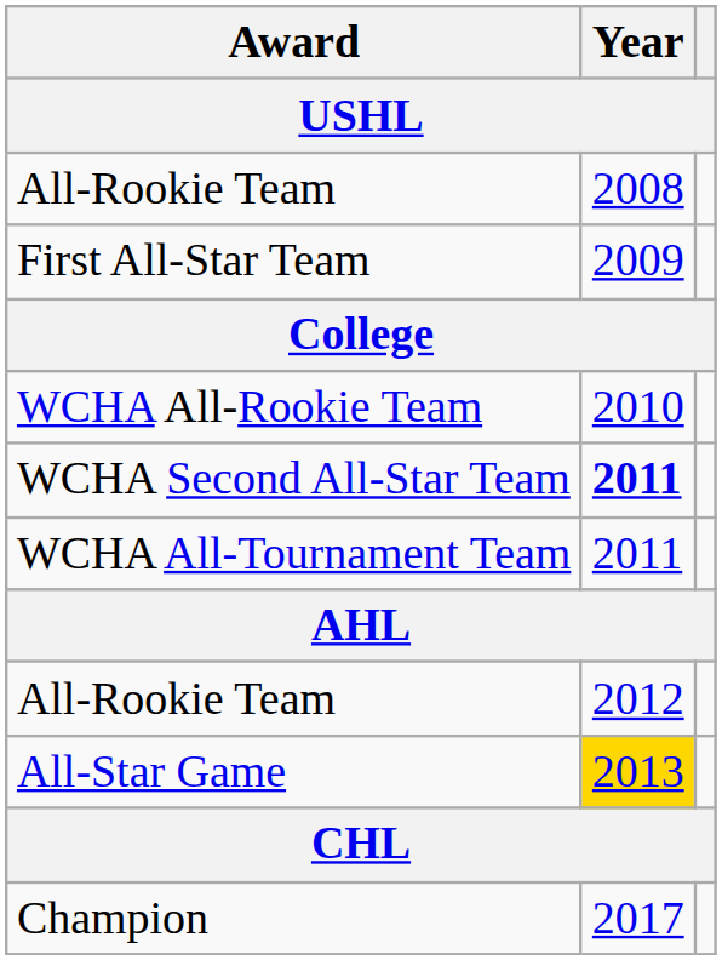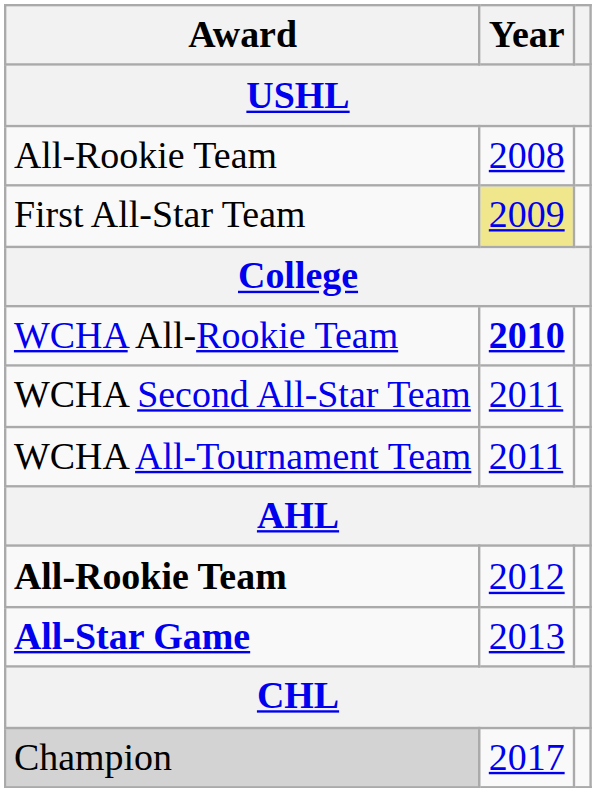 <table class="wikitable">
 <tr>
 <th>Award</th>
 <th>Year</th>
 <th></th>
 </tr>
 <tr>
 <th colspan="3"><a href='#'>USHL</a></th>
 </tr>
 <tr>
 <td>All-Rookie Team</td>
 <td><a href='#'>2008</a></td>
 <td></td>
 </tr>
 <tr>
 <td>First All-Star Team</td>
-<td><a href='#'>2009</a></td>
+<td style="background: khaki;"><a href='#'>2009</a></td>
 <td></td>
 </tr>
 <tr>
 <th colspan="3"><a href='#'>College</a></th>
 </tr>
 <tr>
 <td><a href='#'>WCHA</a> All-<a href='#'>Rookie Team</a></td>
-<td><a href='#'>2010</a></td>
+<td><strong><a href='#'>2010</a></strong></td>
 <td></td>
 </tr>
 <tr>
 <td>WCHA <a href='#'>Second All-Star Team</a></td>
-<td><strong><a href='#'>2011</a></strong></td>
+<td><a href='#'>2011</a></td>
 <td></td>
 </tr>
 <tr>
 <td>WCHA <a href='#'>All-Tournament Team</a></td>
 <td><a href='#'>2011</a></td>
 <td></td>
 </tr>
 <tr>
 <th colspan="3"><a href='#'>AHL</a></th>
 </tr>
 <tr>
-<td>All-Rookie Team</td>
+<td><strong>All-Rookie Team</strong></td>
 <td><a href='#'>2012</a></td>
 <td></td>
 </tr>
 <tr>
-<td><a href='#'>All-Star Game</a></td>
-<td style="background: gold;"><a href='#'>2013</a></td>
+<td><strong><a href='#'>All-Star Game</a></strong></td>
+<td><a href='#'>2013</a></td>
 <td></td>
 </tr>
 <tr>
 <th colspan="3"><a href='#'>CHL</a></th>
 </tr>
 <tr>
-<td>Champion</td>
+<td style="background: lightgrey;">Champion</td>
 <td><a href='#'>2017</a></td>
 <td></td>
 </tr>
 </table>
